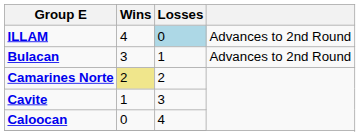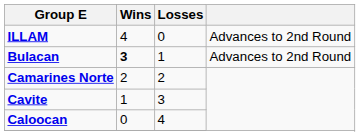 <table class="wikitable">
 <tr align=center>
 <th>Group E</th>
 <th>Wins</th>
 <th>Losses</th>
 <th></th>
 </tr>
 <tr>
 <td><strong><a href='#'>ILLAM</a></strong></td>
 <td>4</td>
-<td style="background: lightblue;">0</td>
+<td>0</td>
 <td>Advances to 2nd Round</td>
 </tr>
 <tr>
 <td><strong><a href='#'>Bulacan</a></strong></td>
-<td>3</td>
+<td><strong>3</strong></td>
 <td>1</td>
 <td>Advances to 2nd Round</td>
 </tr>
 <tr>
 <td><strong><a href='#'>Camarines Norte</a></strong></td>
-<td style="background: khaki;">2</td>
+<td>2</td>
 <td>2</td>
 </tr>
 <tr>
 <td><strong><a href='#'>Cavite</a></strong></td>
 <td>1</td>
 <td>3</td>
 </tr>
 <tr>
 <td><strong><a href='#'>Caloocan</a></strong></td>
 <td>0</td>
 <td>4</td>
 </tr>
 <tr>
 </tr>
 </table>
